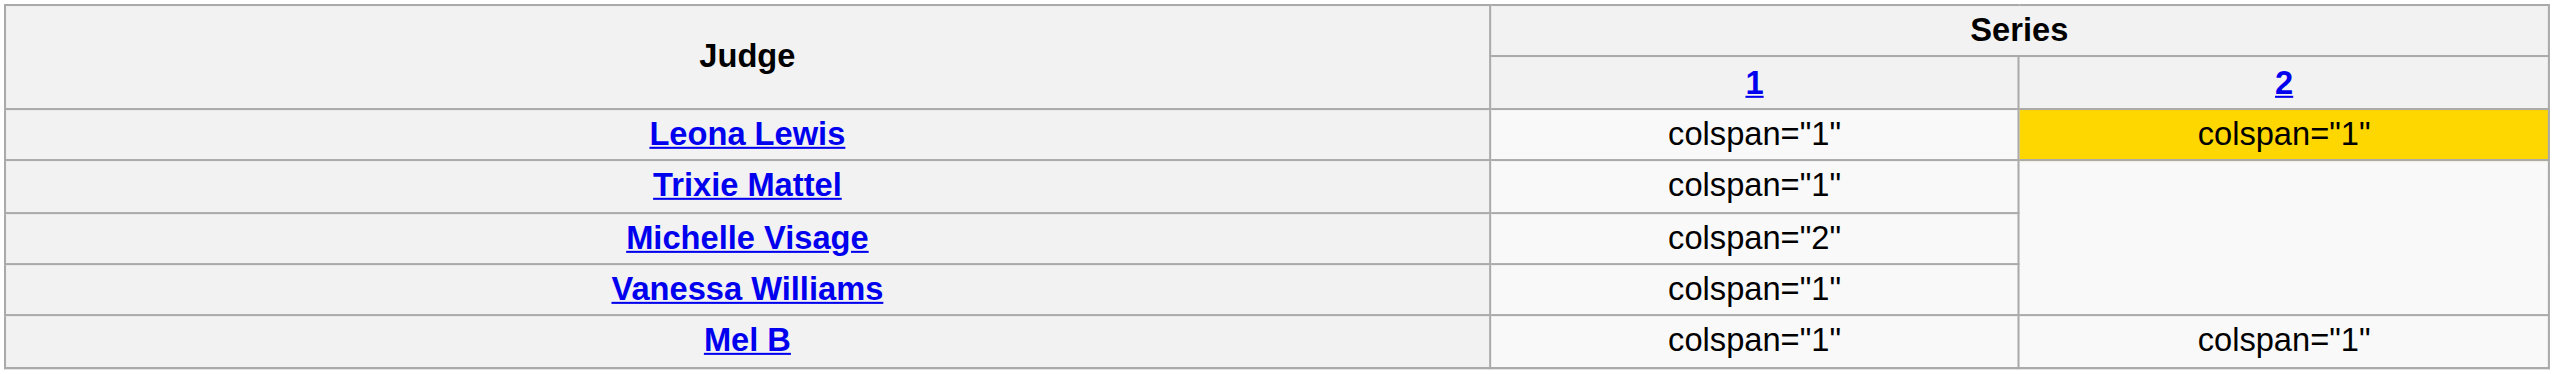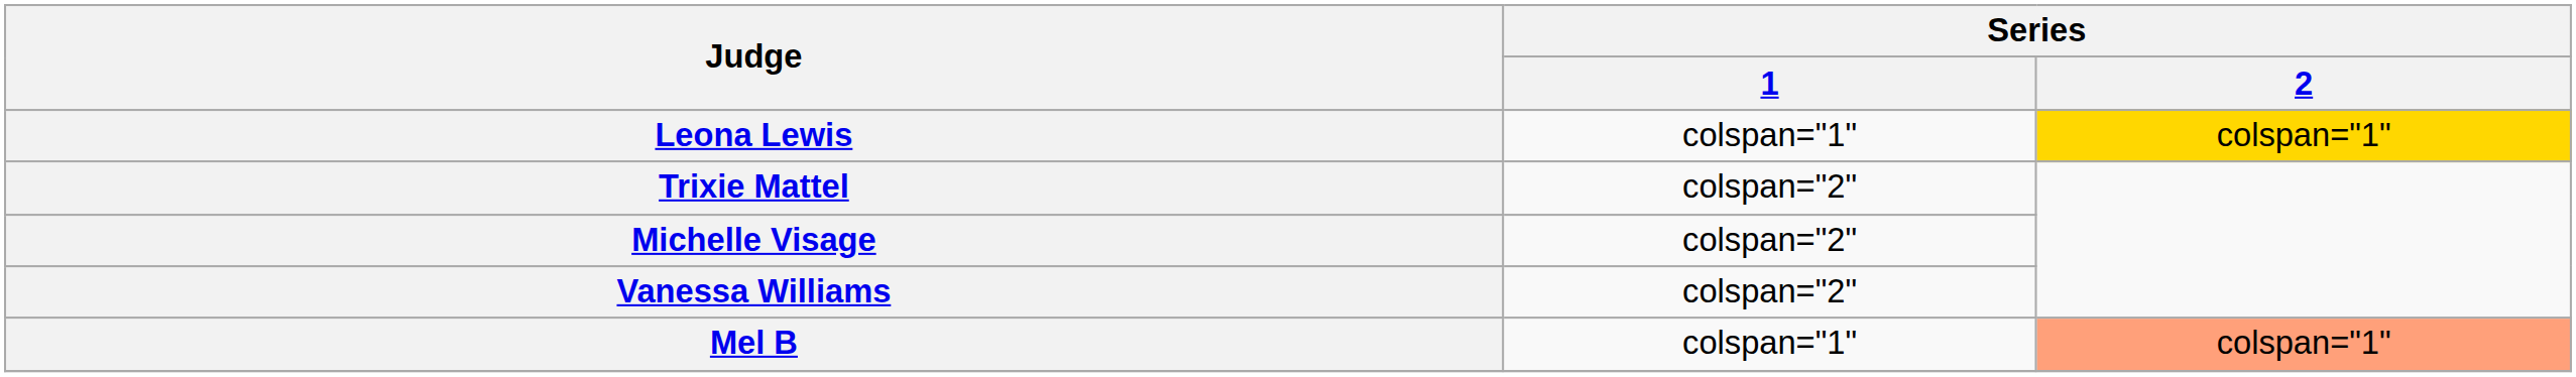 <table class="wikitable plainrowheaders" style="text-align:center">
 <tr>
 <th rowspan="2" style="width:20%;" scope="col">Judge</th>
 <th colspan="2">Series</th>
 </tr>
 <tr>
 <th style="width:7%;" scope="colspan"><a href='#'>1</a></th>
 <th style="width:7%;" scope="colspan"><a href='#'>2</a></th>
 </tr>
 <tr>
 <th scope="row" style="text-align: center;"><a href='#'>Leona Lewis</a></th>
 <td>colspan="1" </td>
 <td style="background: gold;">colspan="1" </td>
 </tr>
 <tr>
 <th scope="row" style="text-align: center;"><a href='#'>Trixie Mattel</a></th>
-<td>colspan="1" </td>
+<td>colspan="2" </td>
 </tr>
 <tr>
 <th scope="row" style="text-align: center;"><a href='#'>Michelle Visage</a></th>
 <td>colspan="2" </td>
 </tr>
 <tr>
 <th scope="row" style="text-align: center;"><a href='#'>Vanessa Williams</a></th>
-<td>colspan="1" </td>
+<td>colspan="2" </td>
 </tr>
 <tr>
 <th scope="row" style="text-align: center;"><a href='#'>Mel B</a></th>
 <td>colspan="1" </td>
-<td>colspan="1" </td>
+<td style="background: lightsalmon;">colspan="1" </td>
 </tr>
 <tr>
 </tr>
 </table>
